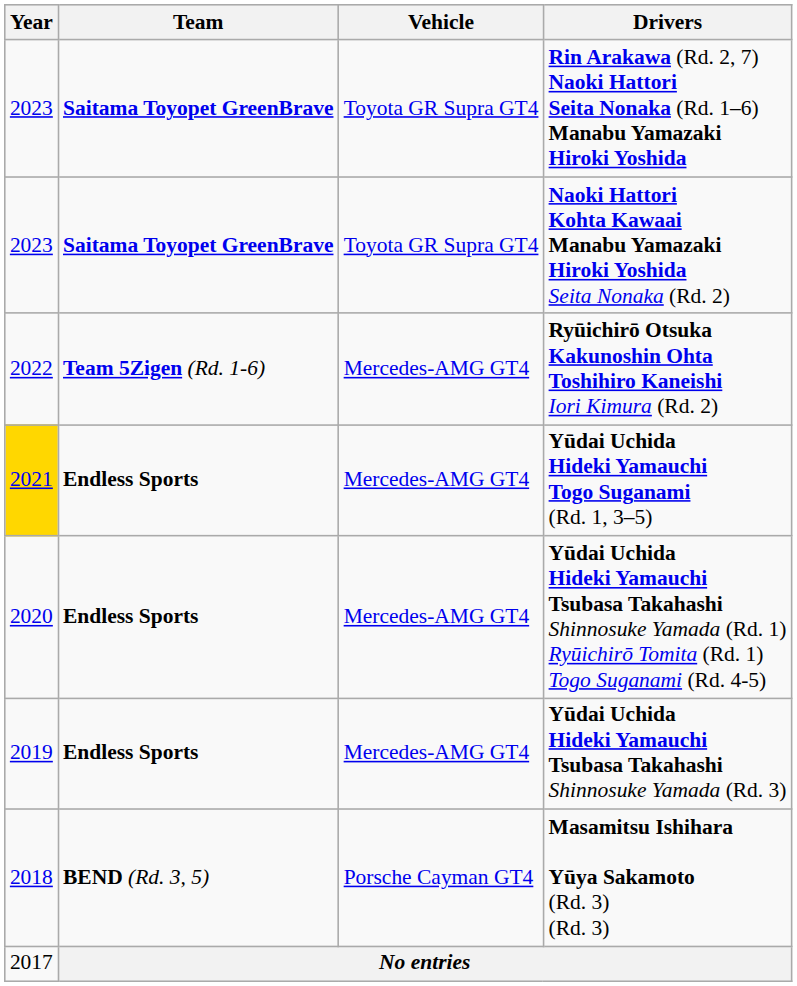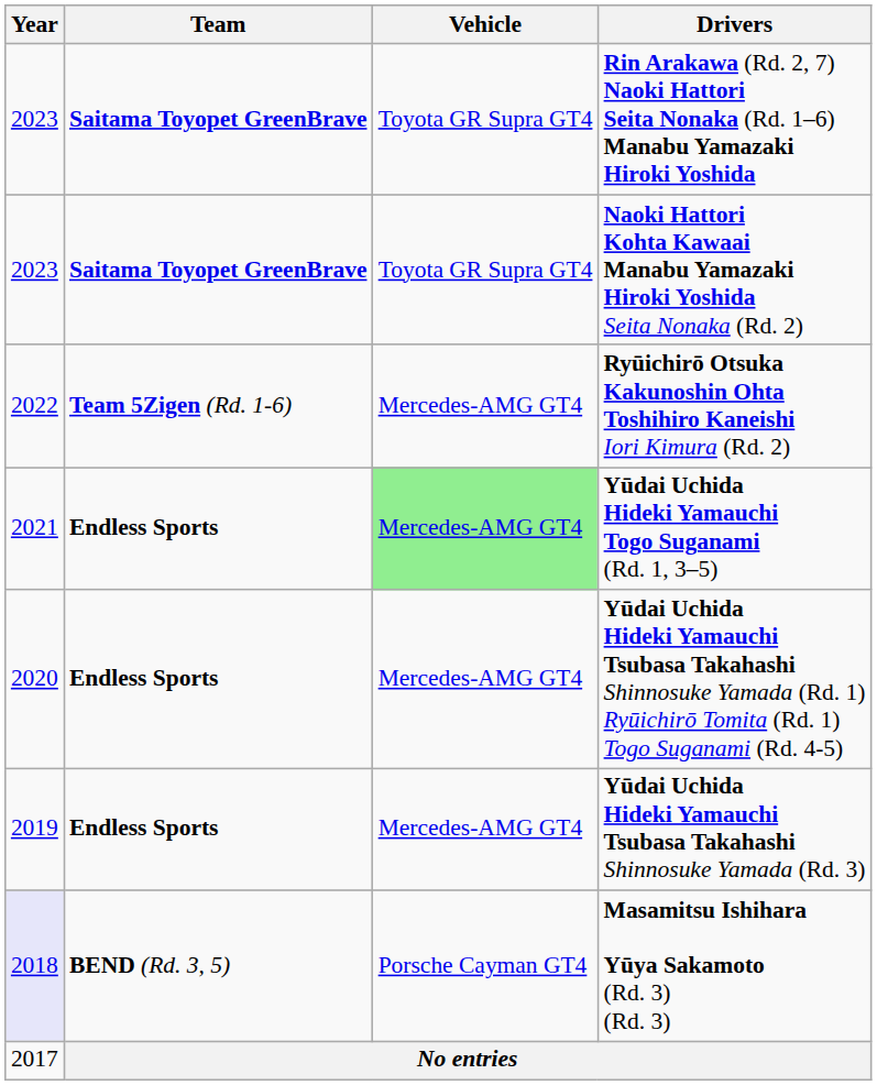 <table class="wikitable" style="font-size: 85%;">
 <tr>
 <th>Year</th>
 <th>Team</th>
 <th>Vehicle</th>
 <th>Drivers</th>
 </tr>
 <tr>
 <td><a href='#'>2023</a></td>
 <td><strong> <a href='#'>Saitama Toyopet GreenBrave</a></strong></td>
 <td><a href='#'>Toyota GR Supra GT4</a></td>
 <td><strong> <a href='#'>Rin Arakawa</a></strong> (Rd. 2, 7)<br><strong> <a href='#'>Naoki Hattori</a></strong><br><strong> <a href='#'>Seita Nonaka</a></strong> (Rd. 1–6)<br><strong> Manabu Yamazaki</strong><br><strong></strong> <strong><a href='#'>Hiroki Yoshida</a></strong></td>
 </tr>
 <tr>
 <td><a href='#'>2023</a></td>
 <td><strong> <a href='#'>Saitama Toyopet GreenBrave</a></strong></td>
 <td><a href='#'>Toyota GR Supra GT4</a></td>
 <td><strong> <a href='#'>Naoki Hattori</a></strong><br><strong> <a href='#'>Kohta Kawaai</a></strong><br><strong> Manabu Yamazaki</strong><br><strong></strong> <strong><a href='#'>Hiroki Yoshida</a></strong><br><strong></strong> <em><a href='#'>Seita Nonaka</a></em> (Rd. 2)</td>
 </tr>
 <tr>
 <td><a href='#'>2022</a></td>
 <td><strong> <a href='#'>Team 5Zigen</a></strong> <em>(Rd. 1-6)</em></td>
 <td><a href='#'>Mercedes-AMG GT4</a></td>
 <td><strong> Ryūichirō Otsuka<br> <a href='#'>Kakunoshin Ohta</a><br> <a href='#'>Toshihiro Kaneishi</a><br></strong> <em><a href='#'>Iori Kimura</a></em> (Rd. 2)</td>
 </tr>
 <tr>
-<td style="background: gold;"><a href='#'>2021</a></td>
+<td><a href='#'>2021</a></td>
 <td><strong> Endless Sports</strong></td>
-<td><a href='#'>Mercedes-AMG GT4</a></td>
+<td style="background: lightgreen;"><a href='#'>Mercedes-AMG GT4</a></td>
 <td><strong> Yūdai Uchida</strong><br><strong> <a href='#'>Hideki Yamauchi</a></strong><br><strong> <a href='#'>Togo Suganami</a></strong><br> <em></em> (Rd. 1, 3–5)</td>
 </tr>
 <tr>
 <td><a href='#'>2020</a></td>
 <td><strong> Endless Sports</strong></td>
 <td><a href='#'>Mercedes-AMG GT4</a></td>
 <td><strong> Yūdai Uchida</strong><br><strong> <a href='#'>Hideki Yamauchi</a></strong><br><strong> Tsubasa Takahashi</strong><br><strong></strong> <em>Shinnosuke Yamada</em> (Rd. 1)<br><strong></strong> <em><a href='#'>Ryūichirō Tomita</a></em> (Rd. 1)<br><strong></strong> <em><a href='#'>Togo Suganami</a></em> (Rd. 4-5)</td>
 </tr>
 <tr>
 <td><a href='#'>2019</a></td>
 <td><strong> Endless Sports</strong></td>
 <td><a href='#'>Mercedes-AMG GT4</a></td>
 <td><strong> Yūdai Uchida</strong><br><strong> <a href='#'>Hideki Yamauchi</a></strong><br><strong> Tsubasa Takahashi</strong><br><strong></strong> <em>Shinnosuke Yamada</em> (Rd. 3)</td>
 </tr>
 <tr>
-<td><a href='#'>2018</a></td>
+<td style="background: lavender;"><a href='#'>2018</a></td>
 <td><strong> BEND</strong> <em>(Rd. 3, 5)</em></td>
 <td><a href='#'>Porsche Cayman GT4</a></td>
 <td><strong> Masamitsu Ishihara</strong><br><strong> </strong><br><strong> Yūya Sakamoto</strong><br><em> </em> (Rd. 3)<br><em> </em> (Rd. 3)</td>
 </tr>
 <tr>
 <td>2017</td>
 <th colspan="3"><em>No entries</em></th>
 </tr>
 </table>
